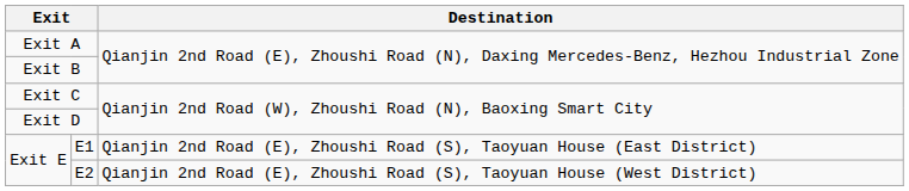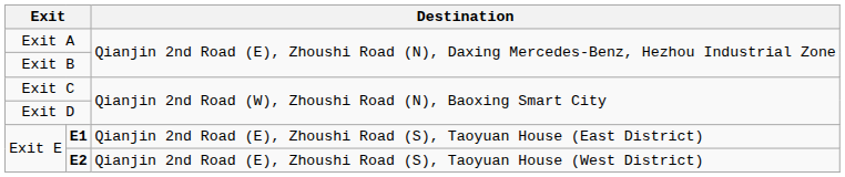 <table class="wikitable">
 <tr>
 <th style="width:70px" colspan=2>Exit</th>
 <th>Destination</th>
 </tr>
 <tr>
 <td align=center colspan=2>Exit A</td>
 <td rowspan=2>Qianjin 2nd Road (E), Zhoushi Road (N), Daxing Mercedes-Benz, Hezhou Industrial Zone</td>
 </tr>
 <tr>
 <td align=center colspan=2>Exit B</td>
 </tr>
 <tr>
 <td align=center colspan=2>Exit C</td>
 <td rowspan=2>Qianjin 2nd Road (W), Zhoushi Road (N), Baoxing Smart City</td>
 </tr>
 <tr>
 <td align=center colspan=2>Exit D</td>
 </tr>
 <tr>
 <td align=center rowspan=2>Exit E</td>
-<td>E1</td>
+<td><strong>E1</strong></td>
 <td>Qianjin 2nd Road (E), Zhoushi Road (S), Taoyuan House (East District)</td>
 </tr>
 <tr>
-<td>E2</td>
+<td><strong>E2</strong></td>
 <td>Qianjin 2nd Road (E), Zhoushi Road (S), Taoyuan House (West District)</td>
 </tr>
 </table>
